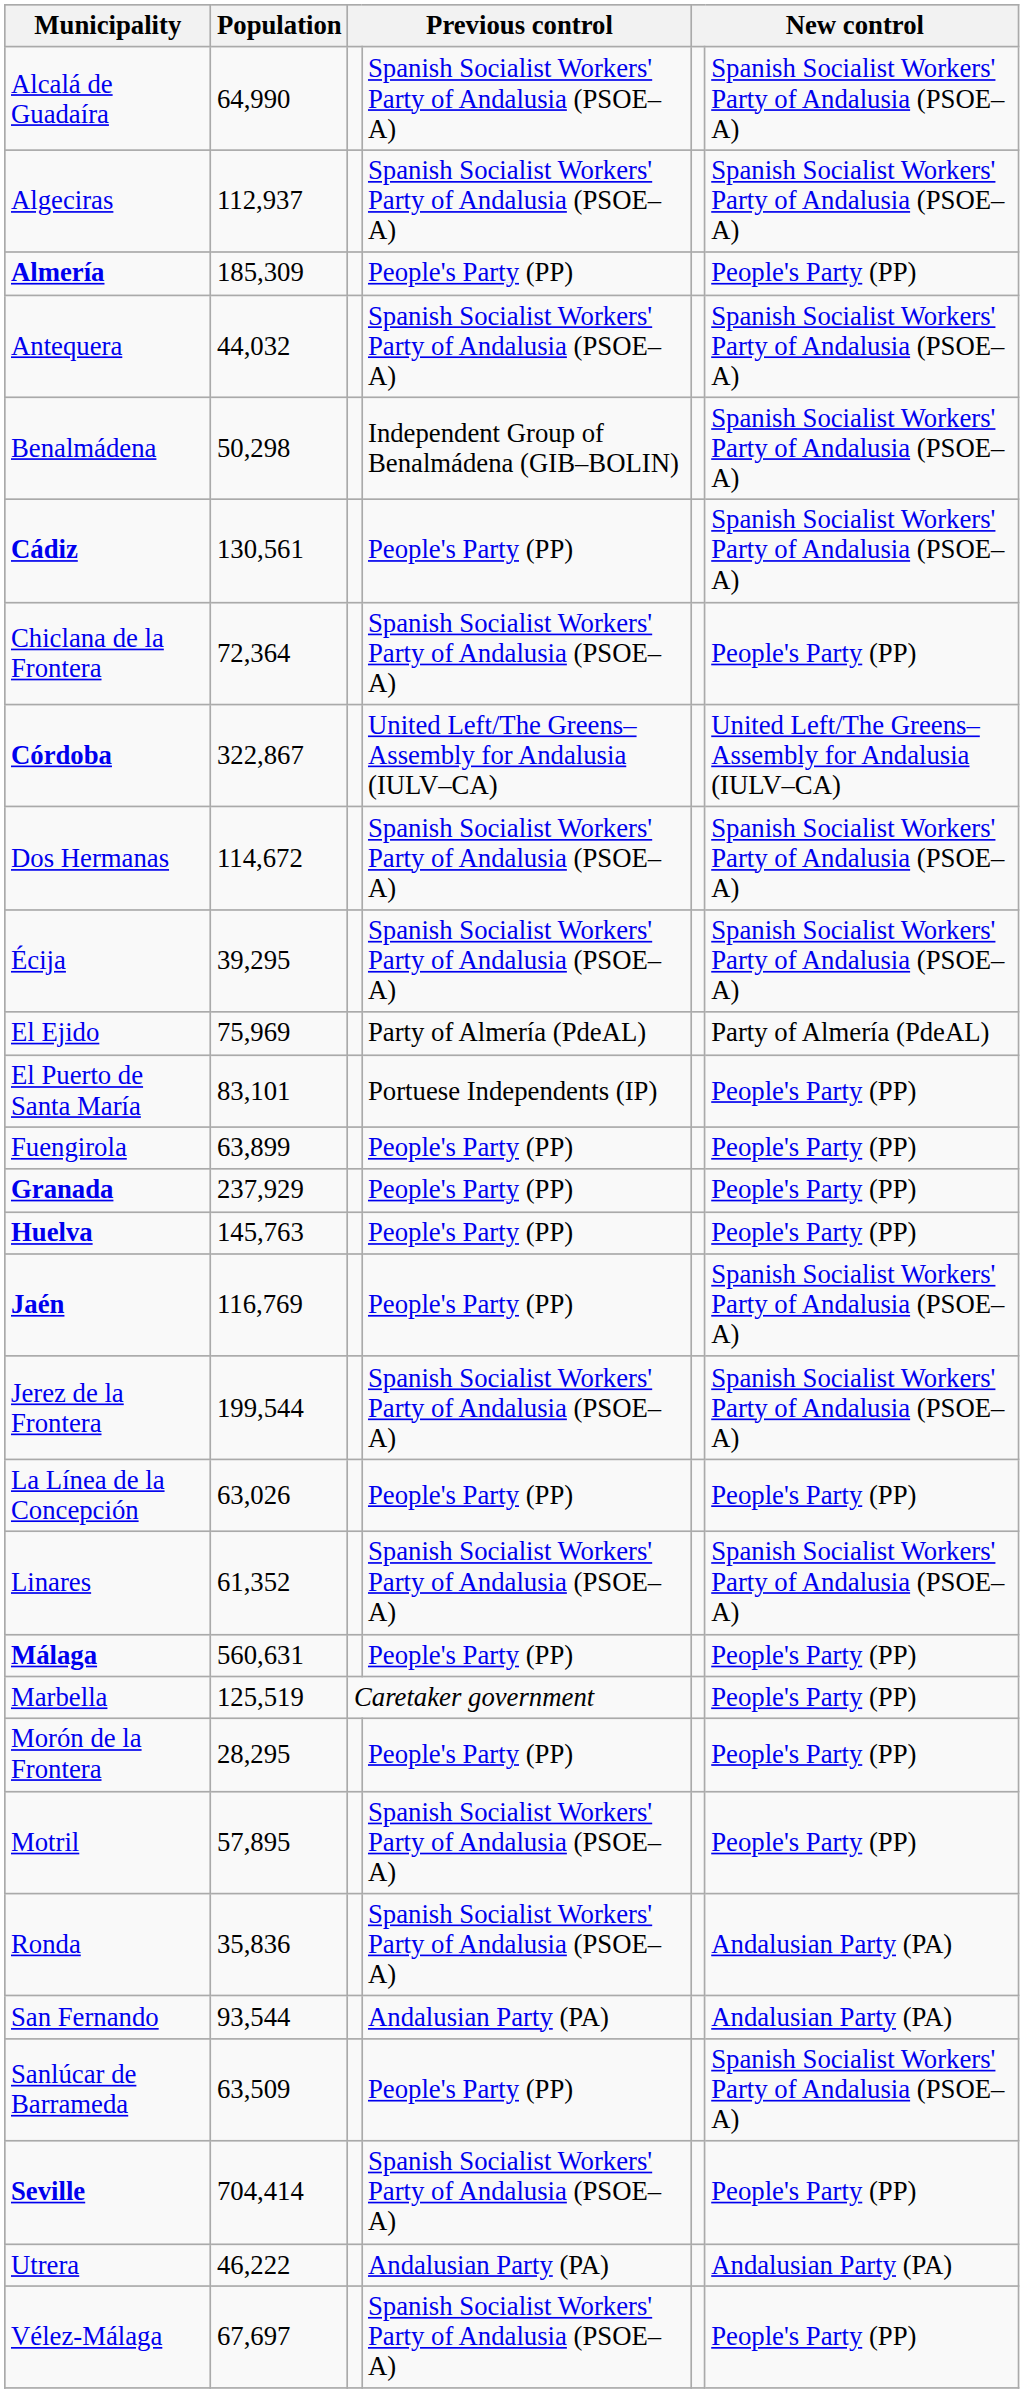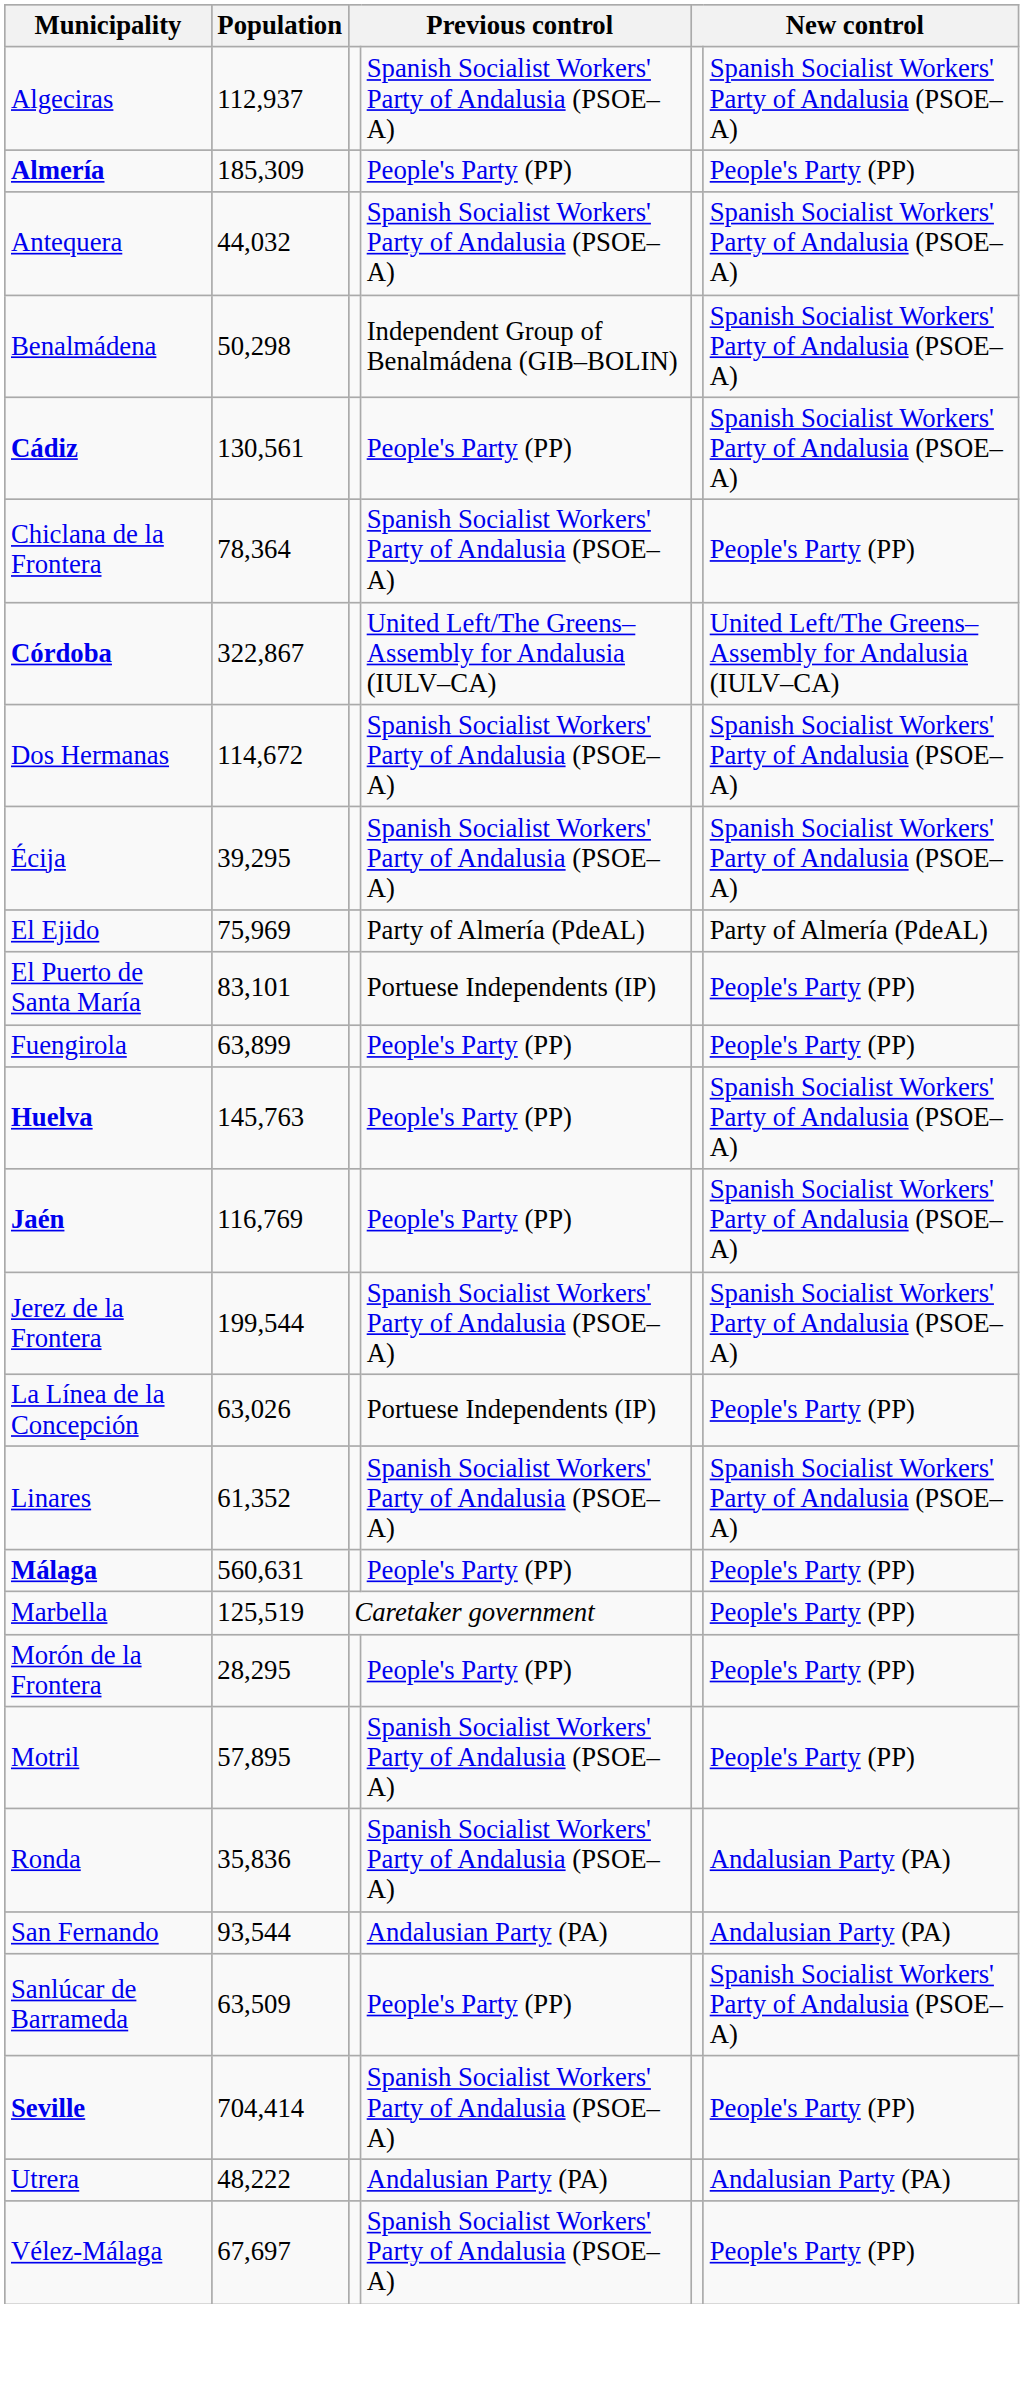 <table class="wikitable sortable">
 <tr>
 <th>Municipality</th>
 <th>Population</th>
 <th colspan="2" style="width:375px;">Previous control</th>
 <th colspan="2" style="width:375px;">New control</th>
-</tr>
-<tr>
-<td><a href='#'>Alcalá de Guadaíra</a></td>
-<td>64,990</td>
-<td width="1" style="color:inherit;background:"></td>
-<td><a href='#'>Spanish Socialist Workers' Party of Andalusia</a> (PSOE–A)</td>
-<td width="1" style="color:inherit;background:"></td>
-<td><a href='#'>Spanish Socialist Workers' Party of Andalusia</a> (PSOE–A)</td>
 </tr>
 <tr>
 <td><a href='#'>Algeciras</a></td>
 <td>112,937</td>
 <td style="color:inherit;background:"></td>
 <td><a href='#'>Spanish Socialist Workers' Party of Andalusia</a> (PSOE–A)</td>
 <td style="color:inherit;background:"></td>
 <td><a href='#'>Spanish Socialist Workers' Party of Andalusia</a> (PSOE–A)</td>
 </tr>
 <tr>
 <td><strong><a href='#'>Almería</a></strong></td>
 <td>185,309</td>
 <td style="color:inherit;background:"></td>
 <td><a href='#'>People's Party</a> (PP)</td>
 <td style="color:inherit;background:"></td>
 <td><a href='#'>People's Party</a> (PP)</td>
 </tr>
 <tr>
 <td><a href='#'>Antequera</a></td>
 <td>44,032</td>
 <td style="color:inherit;background:"></td>
 <td><a href='#'>Spanish Socialist Workers' Party of Andalusia</a> (PSOE–A)</td>
 <td style="color:inherit;background:"></td>
 <td><a href='#'>Spanish Socialist Workers' Party of Andalusia</a> (PSOE–A)</td>
 </tr>
 <tr>
 <td><a href='#'>Benalmádena</a></td>
 <td>50,298</td>
 <td style="color:inherit;background:"></td>
 <td>Independent Group of Benalmádena (GIB–BOLIN)</td>
 <td style="color:inherit;background:"></td>
 <td><a href='#'>Spanish Socialist Workers' Party of Andalusia</a> (PSOE–A) </td>
 </tr>
 <tr>
 <td><strong><a href='#'>Cádiz</a></strong></td>
 <td>130,561</td>
 <td style="color:inherit;background:"></td>
 <td><a href='#'>People's Party</a> (PP)</td>
 <td style="color:inherit;background:"></td>
 <td><a href='#'>Spanish Socialist Workers' Party of Andalusia</a> (PSOE–A)</td>
 </tr>
 <tr>
 <td><a href='#'>Chiclana de la Frontera</a></td>
-<td>72,364</td>
+<td>78,364</td>
 <td style="color:inherit;background:"></td>
 <td><a href='#'>Spanish Socialist Workers' Party of Andalusia</a> (PSOE–A)</td>
 <td style="color:inherit;background:"></td>
 <td><a href='#'>People's Party</a> (PP) </td>
 </tr>
 <tr>
 <td><strong><a href='#'>Córdoba</a></strong></td>
 <td>322,867</td>
 <td style="color:inherit;background:"></td>
 <td><a href='#'>United Left/The Greens–Assembly for Andalusia</a> (IULV–CA)</td>
 <td style="color:inherit;background:"></td>
 <td><a href='#'>United Left/The Greens–Assembly for Andalusia</a> (IULV–CA)</td>
 </tr>
 <tr>
 <td><a href='#'>Dos Hermanas</a></td>
 <td>114,672</td>
 <td style="color:inherit;background:"></td>
 <td><a href='#'>Spanish Socialist Workers' Party of Andalusia</a> (PSOE–A)</td>
 <td style="color:inherit;background:"></td>
 <td><a href='#'>Spanish Socialist Workers' Party of Andalusia</a> (PSOE–A)</td>
 </tr>
 <tr>
 <td><a href='#'>Écija</a></td>
 <td>39,295</td>
 <td style="color:inherit;background:"></td>
 <td><a href='#'>Spanish Socialist Workers' Party of Andalusia</a> (PSOE–A)</td>
 <td style="color:inherit;background:"></td>
 <td><a href='#'>Spanish Socialist Workers' Party of Andalusia</a> (PSOE–A)</td>
 </tr>
 <tr>
 <td><a href='#'>El Ejido</a></td>
 <td>75,969</td>
 <td style="color:inherit;background:"></td>
 <td>Party of Almería (PdeAL)</td>
 <td style="color:inherit;background:"></td>
 <td>Party of Almería (PdeAL)</td>
 </tr>
 <tr>
 <td><a href='#'>El Puerto de Santa María</a></td>
 <td>83,101</td>
 <td style="color:inherit;background:"></td>
 <td>Portuese Independents (IP)</td>
 <td style="color:inherit;background:"></td>
 <td><a href='#'>People's Party</a> (PP)</td>
 </tr>
 <tr>
 <td><a href='#'>Fuengirola</a></td>
 <td>63,899</td>
 <td style="color:inherit;background:"></td>
 <td><a href='#'>People's Party</a> (PP)</td>
 <td style="color:inherit;background:"></td>
 <td><a href='#'>People's Party</a> (PP)</td>
 </tr>
 <tr>
-<td><strong><a href='#'>Granada</a></strong></td>
-<td>237,929</td>
-<td style="color:inherit;background:"></td>
-<td><a href='#'>People's Party</a> (PP)</td>
-<td style="color:inherit;background:"></td>
-<td><a href='#'>People's Party</a> (PP)</td>
-</tr>
-<tr>
 <td><strong><a href='#'>Huelva</a></strong></td>
 <td>145,763</td>
 <td style="color:inherit;background:"></td>
 <td><a href='#'>People's Party</a> (PP)</td>
 <td style="color:inherit;background:"></td>
-<td><a href='#'>People's Party</a> (PP)</td>
+<td><a href='#'>Spanish Socialist Workers' Party of Andalusia</a> (PSOE–A)</td>
 </tr>
 <tr>
 <td><strong><a href='#'>Jaén</a></strong></td>
 <td>116,769</td>
 <td style="color:inherit;background:"></td>
 <td><a href='#'>People's Party</a> (PP)</td>
 <td style="color:inherit;background:"></td>
 <td><a href='#'>Spanish Socialist Workers' Party of Andalusia</a> (PSOE–A)</td>
 </tr>
 <tr>
 <td><a href='#'>Jerez de la Frontera</a></td>
 <td>199,544</td>
 <td style="color:inherit;background:"></td>
 <td><a href='#'>Spanish Socialist Workers' Party of Andalusia</a> (PSOE–A)</td>
 <td style="color:inherit;background:"></td>
 <td><a href='#'>Spanish Socialist Workers' Party of Andalusia</a> (PSOE–A)</td>
 </tr>
 <tr>
 <td><a href='#'>La Línea de la Concepción</a></td>
 <td>63,026</td>
 <td style="color:inherit;background:"></td>
-<td><a href='#'>People's Party</a> (PP)</td>
+<td>Portuese Independents (IP)</td>
 <td style="color:inherit;background:"></td>
 <td><a href='#'>People's Party</a> (PP)</td>
 </tr>
 <tr>
 <td><a href='#'>Linares</a></td>
 <td>61,352</td>
 <td style="color:inherit;background:"></td>
 <td><a href='#'>Spanish Socialist Workers' Party of Andalusia</a> (PSOE–A)</td>
 <td style="color:inherit;background:"></td>
 <td><a href='#'>Spanish Socialist Workers' Party of Andalusia</a> (PSOE–A)</td>
 </tr>
 <tr>
 <td><strong><a href='#'>Málaga</a></strong></td>
 <td>560,631</td>
 <td style="color:inherit;background:"></td>
 <td><a href='#'>People's Party</a> (PP)</td>
 <td style="color:inherit;background:"></td>
 <td><a href='#'>People's Party</a> (PP)</td>
 </tr>
 <tr>
 <td><a href='#'>Marbella</a></td>
 <td>125,519</td>
 <td colspan="2"><em>Caretaker government</em></td>
 <td style="color:inherit;background:"></td>
 <td><a href='#'>People's Party</a> (PP)</td>
 </tr>
 <tr>
 <td><a href='#'>Morón de la Frontera</a></td>
 <td>28,295</td>
 <td style="color:inherit;background:"></td>
 <td><a href='#'>People's Party</a> (PP)</td>
 <td style="color:inherit;background:"></td>
 <td><a href='#'>People's Party</a> (PP)</td>
 </tr>
 <tr>
 <td><a href='#'>Motril</a></td>
 <td>57,895</td>
 <td style="color:inherit;background:"></td>
 <td><a href='#'>Spanish Socialist Workers' Party of Andalusia</a> (PSOE–A)</td>
 <td style="color:inherit;background:"></td>
 <td><a href='#'>People's Party</a> (PP)</td>
 </tr>
 <tr>
 <td><a href='#'>Ronda</a></td>
 <td>35,836</td>
 <td style="color:inherit;background:"></td>
 <td><a href='#'>Spanish Socialist Workers' Party of Andalusia</a> (PSOE–A)</td>
 <td style="color:inherit;background:"></td>
 <td><a href='#'>Andalusian Party</a> (PA) </td>
 </tr>
 <tr>
 <td><a href='#'>San Fernando</a></td>
 <td>93,544</td>
 <td style="color:inherit;background:"></td>
 <td><a href='#'>Andalusian Party</a> (PA)</td>
 <td style="color:inherit;background:"></td>
 <td><a href='#'>Andalusian Party</a> (PA)</td>
 </tr>
 <tr>
 <td><a href='#'>Sanlúcar de Barrameda</a></td>
 <td>63,509</td>
 <td style="color:inherit;background:"></td>
 <td><a href='#'>People's Party</a> (PP)</td>
 <td style="color:inherit;background:"></td>
 <td><a href='#'>Spanish Socialist Workers' Party of Andalusia</a> (PSOE–A)</td>
 </tr>
 <tr>
 <td><strong><a href='#'>Seville</a></strong></td>
 <td>704,414</td>
 <td style="color:inherit;background:"></td>
 <td><a href='#'>Spanish Socialist Workers' Party of Andalusia</a> (PSOE–A)</td>
 <td style="color:inherit;background:"></td>
 <td><a href='#'>People's Party</a> (PP)</td>
 </tr>
 <tr>
 <td><a href='#'>Utrera</a></td>
-<td>46,222</td>
+<td>48,222</td>
 <td style="color:inherit;background:"></td>
 <td><a href='#'>Andalusian Party</a> (PA)</td>
 <td style="color:inherit;background:"></td>
 <td><a href='#'>Andalusian Party</a> (PA)</td>
 </tr>
 <tr>
 <td><a href='#'>Vélez-Málaga</a></td>
 <td>67,697</td>
 <td style="color:inherit;background:"></td>
 <td><a href='#'>Spanish Socialist Workers' Party of Andalusia</a> (PSOE–A)</td>
 <td style="color:inherit;background:"></td>
 <td><a href='#'>People's Party</a> (PP) </td>
 </tr>
 </table>
